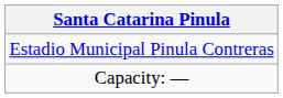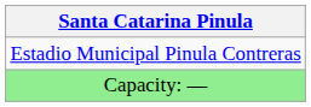 <table class="wikitable">
 <tr>
 <th><a href='#'>Santa Catarina Pinula</a></th>
 </tr>
 <tr align=center>
 <td><a href='#'>Estadio Municipal Pinula Contreras</a></td>
 </tr>
 <tr align=center>
-<td>Capacity: —</td>
+<td style="background: lightgreen;">Capacity: —</td>
 </tr>
 </table>
